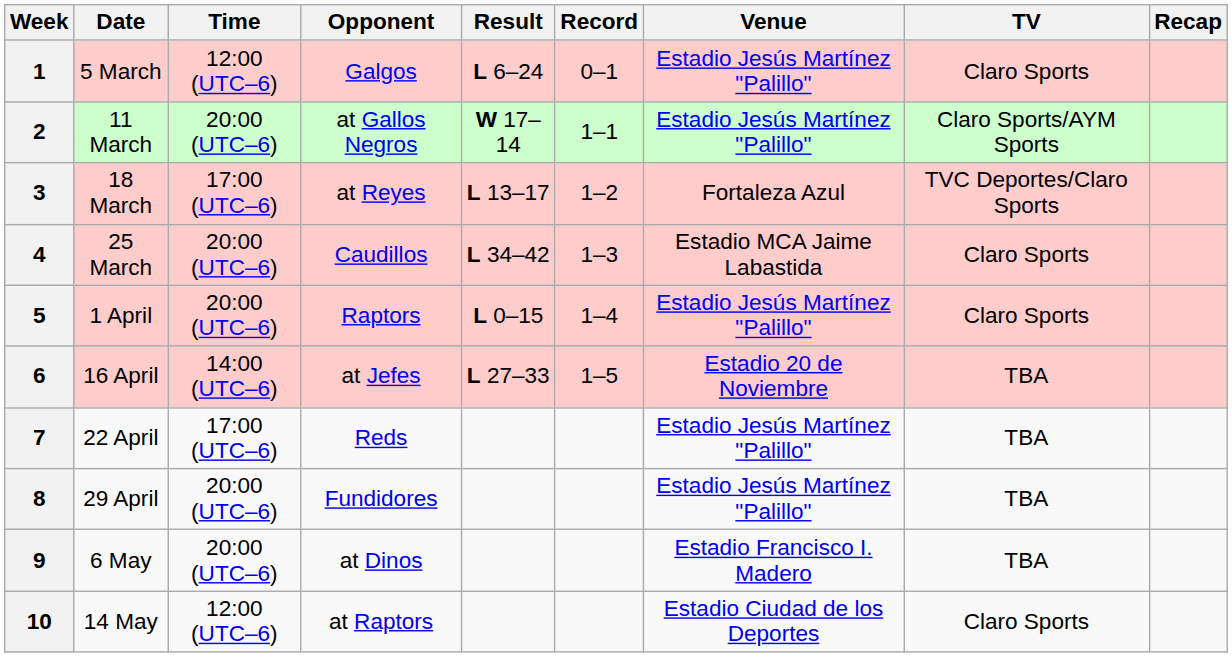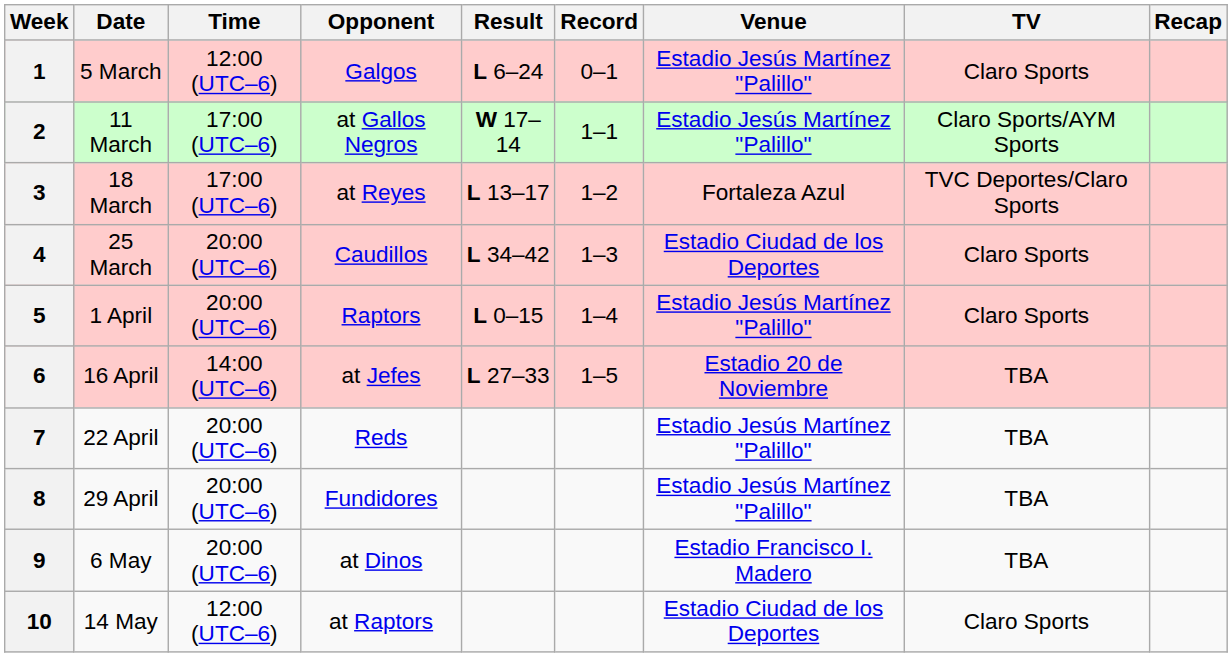 <table class="wikitable" style="text-align:center">
 <tr>
 <th>Week</th>
 <th>Date</th>
 <th>Time</th>
 <th>Opponent</th>
 <th>Result</th>
 <th>Record</th>
 <th>Venue</th>
 <th>TV</th>
 <th>Recap</th>
 </tr>
 <tr style="background:#fcc">
 <th>1</th>
 <td>5 March</td>
 <td>12:00 (<a href='#'>UTC–6</a>)</td>
 <td><a href='#'>Galgos</a></td>
 <td><strong>L</strong> 6–24</td>
 <td>0–1</td>
 <td><a href='#'>Estadio Jesús Martínez "Palillo"</a></td>
 <td>Claro Sports</td>
 <td></td>
 </tr>
 <tr style="background:#cfc">
 <th>2</th>
 <td>11 March</td>
-<td>20:00 (<a href='#'>UTC–6</a>)</td>
+<td>17:00 (<a href='#'>UTC–6</a>)</td>
 <td>at <a href='#'>Gallos Negros</a></td>
 <td><strong>W</strong> 17–14</td>
 <td>1–1</td>
 <td><a href='#'>Estadio Jesús Martínez "Palillo"</a></td>
 <td>Claro Sports/AYM Sports</td>
 <td></td>
 </tr>
 <tr style="background:#fcc">
 <th>3</th>
 <td>18 March</td>
 <td>17:00 (<a href='#'>UTC–6</a>)</td>
 <td>at <a href='#'>Reyes</a></td>
 <td><strong>L</strong> 13–17</td>
 <td>1–2</td>
 <td>Fortaleza Azul</td>
 <td>TVC Deportes/Claro Sports</td>
 <td></td>
 </tr>
 <tr style="background:#fcc">
 <th>4</th>
 <td>25 March</td>
 <td>20:00 (<a href='#'>UTC–6</a>)</td>
 <td><a href='#'>Caudillos</a></td>
 <td><strong>L</strong> 34–42</td>
 <td>1–3</td>
-<td>Estadio MCA Jaime Labastida</td>
+<td><a href='#'>Estadio Ciudad de los Deportes</a></td>
 <td>Claro Sports</td>
 <td></td>
 </tr>
 <tr style="background:#fcc">
 <th>5</th>
 <td>1 April</td>
 <td>20:00 (<a href='#'>UTC–6</a>)</td>
 <td><a href='#'>Raptors</a></td>
 <td><strong>L</strong> 0–15</td>
 <td>1–4</td>
 <td><a href='#'>Estadio Jesús Martínez "Palillo"</a></td>
 <td>Claro Sports</td>
 <td></td>
 </tr>
 <tr style="background:#fcc">
 <th>6</th>
 <td>16 April</td>
 <td>14:00 (<a href='#'>UTC–6</a>)</td>
 <td>at <a href='#'>Jefes</a></td>
 <td><strong>L</strong> 27–33</td>
 <td>1–5</td>
 <td><a href='#'>Estadio 20 de Noviembre</a></td>
 <td>TBA</td>
 <td></td>
 </tr>
 <tr style="background:#">
 <th>7</th>
 <td>22 April</td>
-<td>17:00 (<a href='#'>UTC–6</a>)</td>
+<td>20:00 (<a href='#'>UTC–6</a>)</td>
 <td><a href='#'>Reds</a></td>
 <td></td>
 <td></td>
 <td><a href='#'>Estadio Jesús Martínez "Palillo"</a></td>
 <td>TBA</td>
 <td></td>
 </tr>
 <tr style="background:#">
 <th>8</th>
 <td>29 April</td>
 <td>20:00 (<a href='#'>UTC–6</a>)</td>
 <td><a href='#'>Fundidores</a></td>
 <td></td>
 <td></td>
 <td><a href='#'>Estadio Jesús Martínez "Palillo"</a></td>
 <td>TBA</td>
 <td></td>
 </tr>
 <tr style="background:#">
 <th>9</th>
 <td>6 May</td>
 <td>20:00 (<a href='#'>UTC–6</a>)</td>
 <td>at <a href='#'>Dinos</a></td>
 <td></td>
 <td></td>
 <td><a href='#'>Estadio Francisco I. Madero</a></td>
 <td>TBA</td>
 <td></td>
 </tr>
 <tr style="background:#">
 <th>10</th>
 <td>14 May</td>
 <td>12:00 (<a href='#'>UTC–6</a>)</td>
 <td>at <a href='#'>Raptors</a></td>
 <td></td>
 <td></td>
 <td><a href='#'>Estadio Ciudad de los Deportes</a></td>
 <td>Claro Sports</td>
 <td></td>
 </tr>
 </table>
